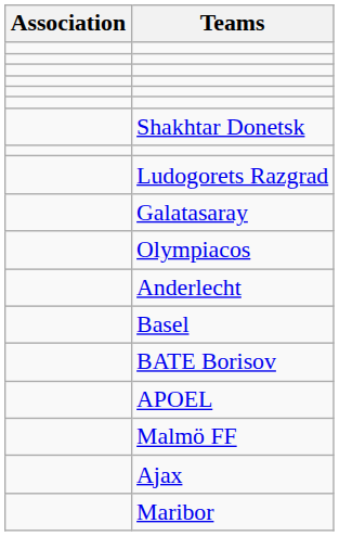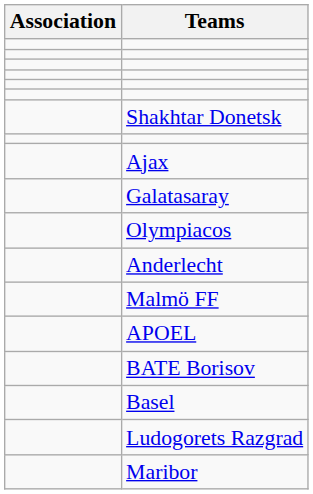 <table class="wikitable">
 <tr>
 <th>Association</th>
 <th>Teams</th>
 </tr>
 <tr>
 <td></td>
 <td></td>
 </tr>
 <tr>
 <td></td>
 <td></td>
 </tr>
 <tr>
 <td></td>
 <td></td>
 </tr>
 <tr>
 <td></td>
 <td></td>
 </tr>
 <tr>
 <td></td>
 <td></td>
 </tr>
 <tr>
 <td></td>
 <td></td>
 </tr>
 <tr>
 <td></td>
 <td><a href='#'>Shakhtar Donetsk</a></td>
 </tr>
 <tr>
 <td></td>
 <td></td>
 </tr>
 <tr>
 <td></td>
-<td><a href='#'>Ludogorets Razgrad</a></td>
+<td><a href='#'>Ajax</a></td>
 </tr>
 <tr>
 <td></td>
 <td><a href='#'>Galatasaray</a></td>
 </tr>
 <tr>
 <td></td>
 <td><a href='#'>Olympiacos</a></td>
 </tr>
 <tr>
 <td></td>
 <td><a href='#'>Anderlecht</a></td>
 </tr>
 <tr>
 <td></td>
-<td><a href='#'>Basel</a></td>
+<td><a href='#'>Malmö FF</a></td>
+</tr>
+<tr>
+<td></td>
+<td><a href='#'>APOEL</a></td>
 </tr>
 <tr>
 <td></td>
 <td><a href='#'>BATE Borisov</a></td>
 </tr>
 <tr>
 <td></td>
-<td><a href='#'>APOEL</a></td>
+<td><a href='#'>Basel</a></td>
 </tr>
 <tr>
 <td></td>
-<td><a href='#'>Malmö FF</a></td>
-</tr>
-<tr>
-<td></td>
-<td><a href='#'>Ajax</a></td>
+<td><a href='#'>Ludogorets Razgrad</a></td>
 </tr>
 <tr>
 <td></td>
 <td><a href='#'>Maribor</a></td>
 </tr>
 </table>
